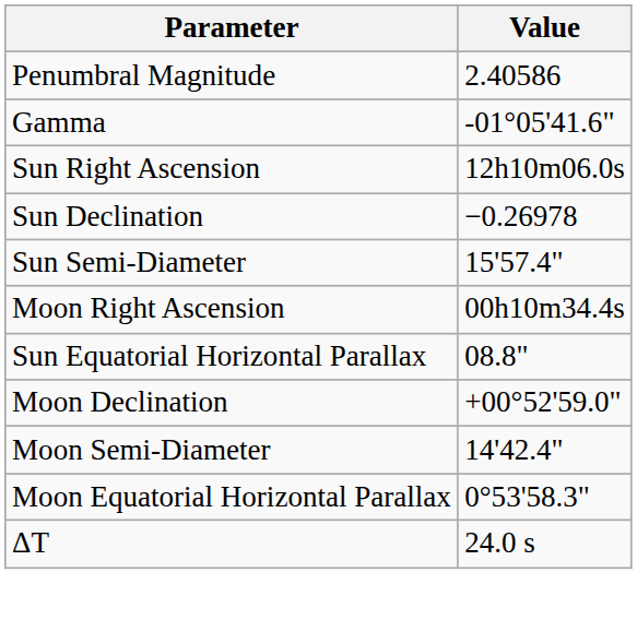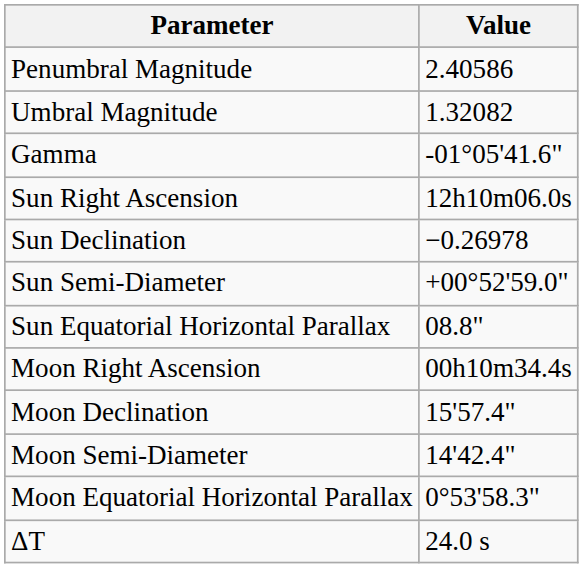 <table class="wikitable">
 <tr>
 <th>Parameter</th>
 <th>Value</th>
 </tr>
 <tr>
 <td>Penumbral Magnitude</td>
 <td>2.40586</td>
+</tr>
+<tr>
+<td>Umbral Magnitude</td>
+<td>1.32082</td>
 </tr>
 <tr>
 <td>Gamma</td>
 <td>-01°05'41.6"</td>
 </tr>
 <tr>
 <td>Sun Right Ascension</td>
 <td>12h10m06.0s</td>
 </tr>
 <tr>
 <td>Sun Declination</td>
 <td>−0.26978</td>
 </tr>
 <tr>
 <td>Sun Semi-Diameter</td>
-<td>15'57.4"</td>
+<td>+00°52'59.0"</td>
+</tr>
+<tr>
+<td>Sun Equatorial Horizontal Parallax</td>
+<td>08.8"</td>
 </tr>
 <tr>
 <td>Moon Right Ascension</td>
 <td>00h10m34.4s</td>
 </tr>
 <tr>
-<td>Sun Equatorial Horizontal Parallax</td>
-<td>08.8"</td>
-</tr>
-<tr>
 <td>Moon Declination</td>
-<td>+00°52'59.0"</td>
+<td>15'57.4"</td>
 </tr>
 <tr>
 <td>Moon Semi-Diameter</td>
 <td>14'42.4"</td>
 </tr>
 <tr>
 <td>Moon Equatorial Horizontal Parallax</td>
 <td>0°53'58.3"</td>
 </tr>
 <tr>
 <td>ΔT</td>
 <td>24.0 s</td>
 </tr>
 </table>
